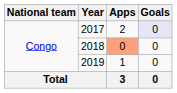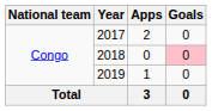 <table class="wikitable" style="text-align:center">
 <tr>
 <th>National team</th>
 <th>Year</th>
 <th>Apps</th>
 <th>Goals</th>
 </tr>
 <tr>
 <td rowspan="3"><a href='#'>Congo</a></td>
 <td>2017</td>
 <td>2</td>
-<td style="background: lavender;">0</td>
+<td>0</td>
 </tr>
 <tr>
 <td>2018</td>
-<td style="background: lightsalmon;">0</td>
 <td>0</td>
+<td style="background: pink;">0</td>
 </tr>
 <tr>
 <td>2019</td>
 <td>1</td>
 <td>0</td>
 </tr>
 <tr>
 <th colspan="2">Total</th>
 <th>3</th>
 <th>0</th>
 </tr>
 </table>
